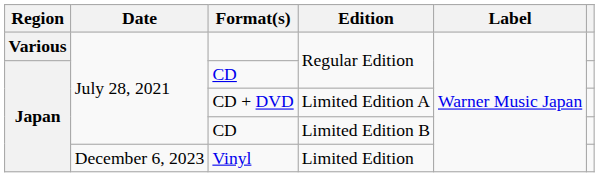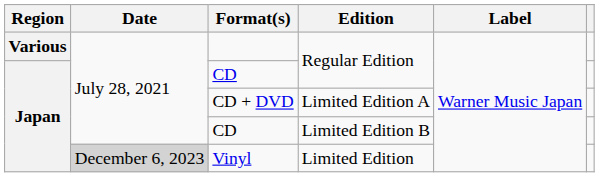 <table class="wikitable plainrowheaders" border="1">
 <tr>
 <th>Region</th>
 <th>Date</th>
 <th>Format(s)</th>
 <th>Edition</th>
 <th>Label</th>
 <th></th>
 </tr>
 <tr>
 <th scope="row">Various</th>
 <td rowspan="4">July 28, 2021</td>
 <td></td>
 <td rowspan="2">Regular Edition</td>
 <td rowspan="5"><a href='#'>Warner Music Japan</a></td>
 <td style="text-align:center;"></td>
 </tr>
 <tr>
 <th scope="row" rowspan="4">Japan</th>
 <td><a href='#'>CD</a></td>
 <td style="text-align:center;"></td>
 </tr>
 <tr>
 <td>CD + <a href='#'>DVD</a></td>
 <td>Limited Edition A</td>
 <td style="text-align:center;"></td>
 </tr>
 <tr>
 <td>CD</td>
 <td>Limited Edition B</td>
 <td style="text-align:center;"></td>
 </tr>
 <tr>
-<td>December 6, 2023</td>
+<td style="background: lightgrey;">December 6, 2023</td>
 <td><a href='#'>Vinyl</a></td>
 <td>Limited Edition</td>
 <td style="text-align:center;"></td>
 </tr>
 </table>
